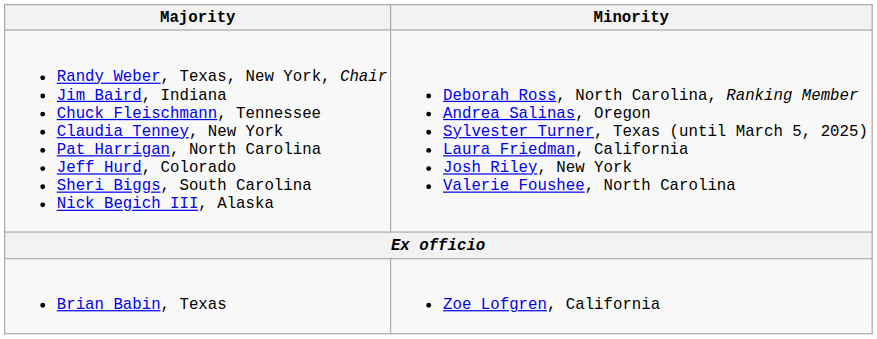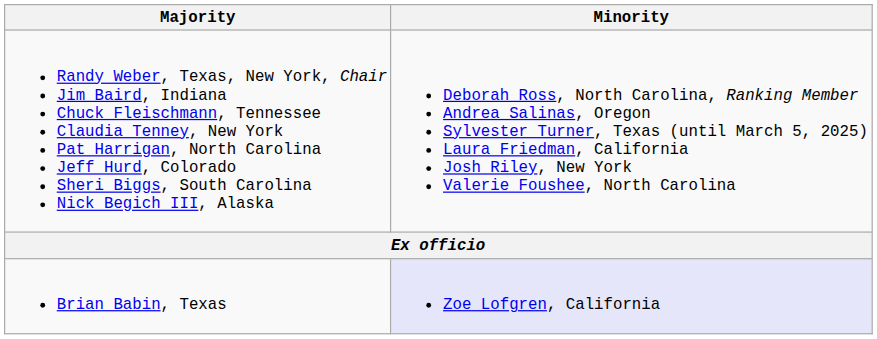 <table class=wikitable>
 <tr>
 <th>Majority</th>
 <th>Minority</th>
 </tr>
 <tr>
 <td><br><ul><li><a href='#'>Randy Weber</a>, Texas, New York, <em>Chair</em></li><li><a href='#'>Jim Baird</a>, Indiana</li><li><a href='#'>Chuck Fleischmann</a>, Tennessee</li><li><a href='#'>Claudia Tenney</a>, New York</li><li><a href='#'>Pat Harrigan</a>, North Carolina</li><li><a href='#'>Jeff Hurd</a>, Colorado</li><li><a href='#'>Sheri Biggs</a>, South Carolina</li><li><a href='#'>Nick Begich III</a>, Alaska</li></ul></td>
 <td><br><ul><li><a href='#'>Deborah Ross</a>, North Carolina, <em>Ranking Member</em></li><li><a href='#'>Andrea Salinas</a>, Oregon</li><li><a href='#'>Sylvester Turner</a>, Texas (until March 5, 2025)</li><li><a href='#'>Laura Friedman</a>, California</li><li><a href='#'>Josh Riley</a>, New York</li><li><a href='#'>Valerie Foushee</a>, North Carolina</li></ul></td>
 </tr>
 <tr>
 <th colspan=2><em>Ex officio</em></th>
 </tr>
 <tr>
 <td><br><ul><li><a href='#'>Brian Babin</a>, Texas</li></ul></td>
-<td><br><ul><li><a href='#'>Zoe Lofgren</a>, California</li></ul></td>
+<td style="background: lavender;"><br><ul><li><a href='#'>Zoe Lofgren</a>, California</li></ul></td>
 </tr>
 </table>
